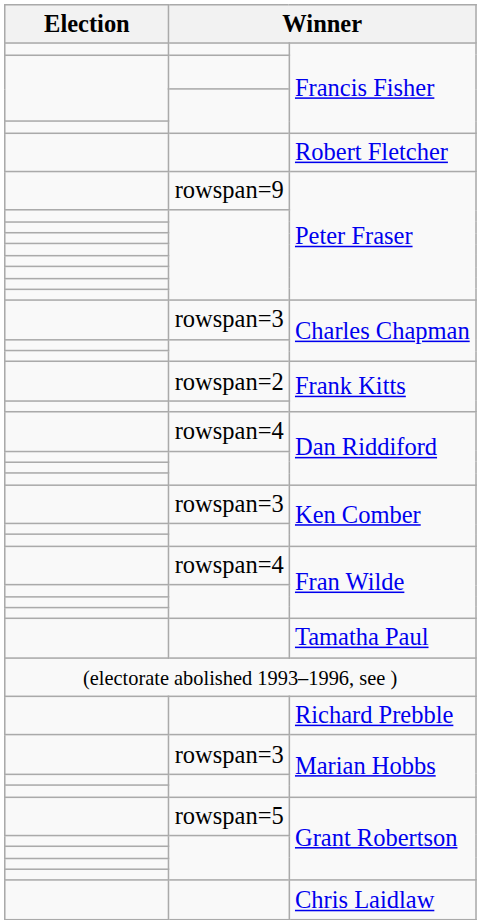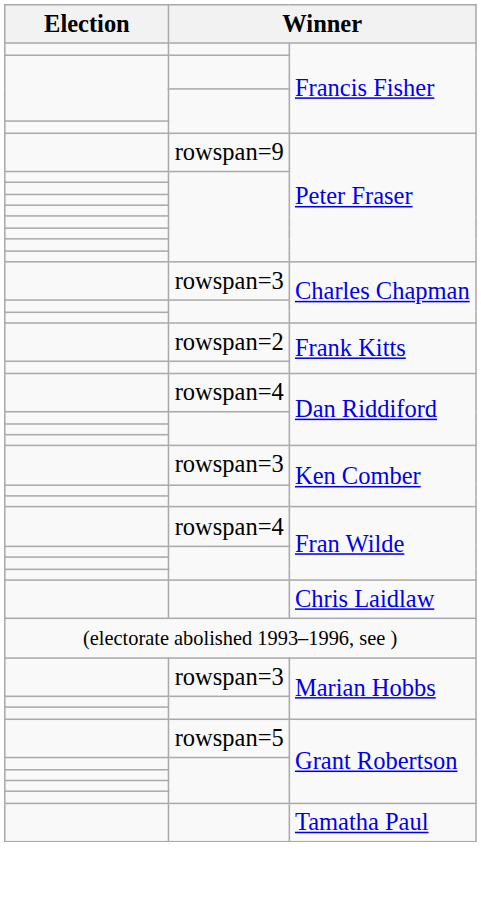 <table class=wikitable>
 <tr>
 <th width=100>Election</th>
 <th colspan="2" style="width:175px;">Winner</th>
 </tr>
 <tr>
 <td></td>
 <td></td>
 <td rowspan=4><a href='#'>Francis Fisher</a></td>
 </tr>
 <tr>
 <td rowspan=2 height=36></td>
 <td></td>
 </tr>
 <tr>
 <td style="border-bottom:solid 0 grey; background:"></td>
 </tr>
 <tr>
 <td></td>
 <td style="border-top:solid 0 grey; background:"></td>
-</tr>
-<tr>
-<td></td>
-<td></td>
-<td><a href='#'>Robert Fletcher</a></td>
 </tr>
 <tr>
 <td></td>
 <td>rowspan=9 </td>
 <td rowspan=9><a href='#'>Peter Fraser</a></td>
 </tr>
 <tr>
 <td></td>
 </tr>
 <tr>
 <td></td>
 </tr>
 <tr>
 <td></td>
 </tr>
 <tr>
 <td></td>
 </tr>
 <tr>
 <td></td>
 </tr>
 <tr>
 <td></td>
 </tr>
 <tr>
 <td></td>
 </tr>
 <tr>
 <td></td>
 </tr>
 <tr>
 <td></td>
 <td>rowspan=3 </td>
 <td rowspan=3><a href='#'>Charles Chapman</a></td>
 </tr>
 <tr>
 <td></td>
 </tr>
 <tr>
 <td></td>
 </tr>
 <tr>
 <td></td>
 <td>rowspan=2 </td>
 <td rowspan=2><a href='#'>Frank Kitts</a></td>
 </tr>
 <tr>
 <td></td>
 </tr>
 <tr>
 <td></td>
 <td>rowspan=4 </td>
 <td rowspan=4><a href='#'>Dan Riddiford</a></td>
 </tr>
 <tr>
 <td></td>
 </tr>
 <tr>
 <td></td>
 </tr>
 <tr>
 <td></td>
 </tr>
 <tr>
 <td></td>
 <td>rowspan=3 </td>
 <td rowspan=3><a href='#'>Ken Comber</a></td>
 </tr>
 <tr>
 <td></td>
 </tr>
 <tr>
 <td></td>
 </tr>
 <tr>
 <td></td>
 <td>rowspan=4 </td>
 <td rowspan=4><a href='#'>Fran Wilde</a></td>
 </tr>
 <tr>
 <td></td>
 </tr>
 <tr>
 <td></td>
 </tr>
 <tr>
 <td></td>
 </tr>
 <tr>
 <td></td>
 <td></td>
-<td><a href='#'>Tamatha Paul</a></td>
+<td><a href='#'>Chris Laidlaw</a></td>
 </tr>
 <tr>
 <td colspan=3 align=center><small>(electorate abolished 1993–1996, see )</small></td>
-</tr>
-<tr>
-<td></td>
-<td></td>
-<td><a href='#'>Richard Prebble</a></td>
 </tr>
 <tr>
 <td></td>
 <td>rowspan=3 </td>
 <td rowspan=3><a href='#'>Marian Hobbs</a></td>
 </tr>
 <tr>
 <td></td>
 </tr>
 <tr>
 <td></td>
 </tr>
 <tr>
 <td></td>
 <td>rowspan=5 </td>
 <td rowspan=5><a href='#'>Grant Robertson</a></td>
 </tr>
 <tr>
 <td></td>
 </tr>
 <tr>
 <td></td>
 </tr>
 <tr>
 <td></td>
 </tr>
 <tr>
 <td></td>
 </tr>
 <tr>
 <td></td>
 <td></td>
-<td><a href='#'>Chris Laidlaw</a></td>
+<td><a href='#'>Tamatha Paul</a></td>
 </tr>
 </table>
